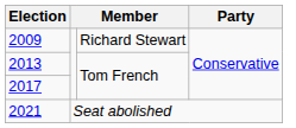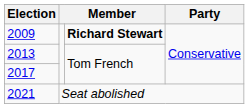 <table class="wikitable">
 <tr>
 <th>Election</th>
 <th colspan="2">Member</th>
 <th>Party</th>
 </tr>
 <tr>
 <td><a href='#'>2009</a></td>
 <td rowspan="3" style="background-color: "></td>
-<td rowspan="1">Richard Stewart</td>
+<td rowspan="1"><strong>Richard Stewart</strong></td>
 <td rowspan="3"><a href='#'>Conservative</a></td>
 </tr>
 <tr>
 <td><a href='#'>2013</a></td>
 <td rowspan="2">Tom French</td>
 </tr>
 <tr>
 <td><a href='#'>2017</a></td>
 </tr>
 <tr>
 <td><a href='#'>2021</a></td>
 <td colspan="3"><em>Seat abolished</em></td>
 </tr>
 </table>
